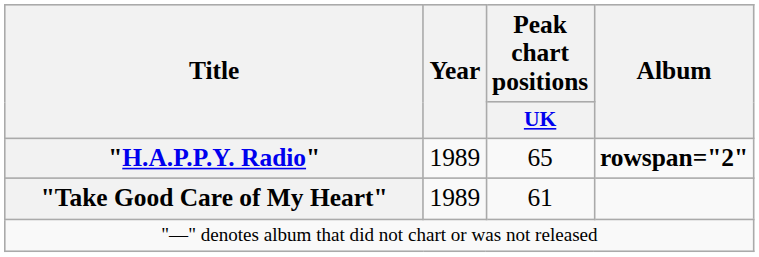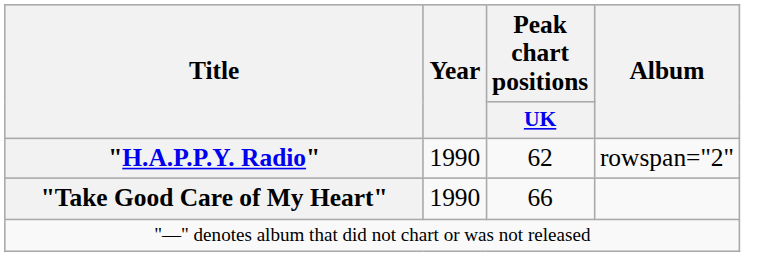 <table class="wikitable plainrowheaders" style="text-align:center;">
 <tr>
 <th scope="col" rowspan="2" style="width:16em;">Title</th>
 <th scope="col" rowspan="2" style="width:1em;">Year</th>
 <th scope="col" colspan="1">Peak chart positions</th>
 <th scope="col" rowspan="2">Album</th>
 </tr>
 <tr>
 <th scope="col" style="width:3em;font-size:85%;"><a href='#'>UK</a><br></th>
 </tr>
 <tr>
 <th scope="row">"<a href='#'>H.A.P.P.Y. Radio</a>"</th>
-<td>1989</td>
-<td>65</td>
-<td><strong>rowspan="2" </strong></td>
+<td>1990</td>
+<td>62</td>
+<td>rowspan="2" </td>
 </tr>
 <tr>
 <th scope="row">"Take Good Care of My Heart"</th>
-<td>1989</td>
-<td>61</td>
+<td>1990</td>
+<td>66</td>
 </tr>
 <tr>
 <td colspan="7" style="font-size:9pt">"—" denotes album that did not chart or was not released</td>
 </tr>
 </table>
